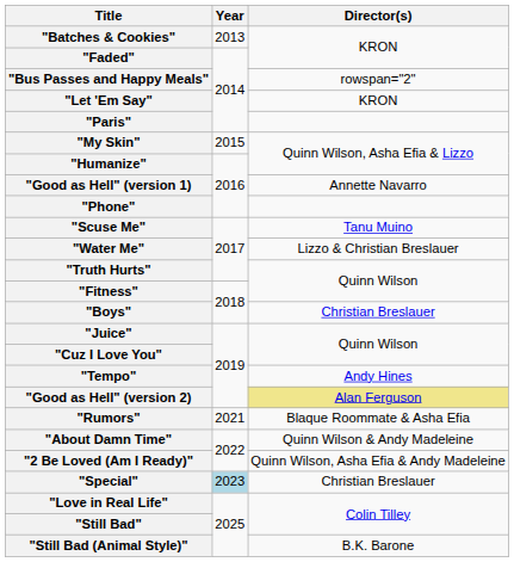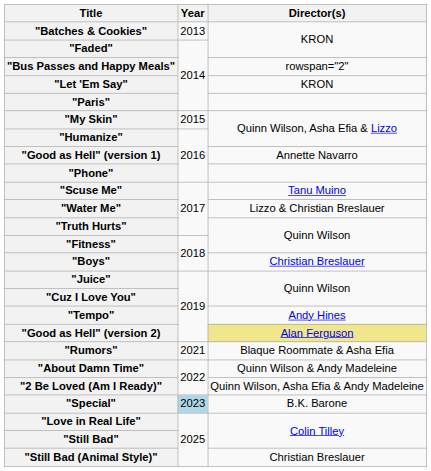 <table class="wikitable plainrowheaders" style="text-align:center;">
 <tr>
 <th scope="col">Title</th>
 <th scope="col">Year</th>
 <th scope="col">Director(s)</th>
 </tr>
 <tr>
 <th scope="row">"Batches & Cookies"<br></th>
 <td>2013</td>
 <td rowspan="2">KRON</td>
 </tr>
 <tr>
 <th scope="row">"Faded"</th>
 <td rowspan="4">2014</td>
 </tr>
 <tr>
 <th scope="row">"Bus Passes and Happy Meals"</th>
 <td>rowspan="2" </td>
 </tr>
 <tr>
 <th scope="row">"Let 'Em Say"<br></th>
 <td>KRON</td>
 </tr>
 <tr>
 <th scope="row">"Paris"</th>
 <td></td>
 </tr>
 <tr>
 <th scope="row">"My Skin"</th>
 <td>2015</td>
 <td rowspan="2">Quinn Wilson, Asha Efia & <a href='#'>Lizzo</a></td>
 </tr>
 <tr>
 <th scope="row">"Humanize"</th>
 <td rowspan="3">2016</td>
 </tr>
 <tr>
 <th scope="row">"Good as Hell" (version 1)</th>
 <td>Annette Navarro</td>
 </tr>
 <tr>
 <th scope="row">"Phone"</th>
 </tr>
 <tr>
 <th scope="row">"Scuse Me"</th>
 <td rowspan="3">2017</td>
 <td><a href='#'>Tanu Muino</a></td>
 </tr>
 <tr>
 <th scope="row">"Water Me"</th>
 <td>Lizzo & Christian Breslauer</td>
 </tr>
 <tr>
 <th scope="row">"Truth Hurts"</th>
 <td rowspan="2">Quinn Wilson</td>
 </tr>
 <tr>
 <th scope="row">"Fitness"</th>
 <td rowspan="2">2018</td>
 </tr>
 <tr>
 <th scope="row">"Boys"</th>
 <td><a href='#'>Christian Breslauer</a></td>
 </tr>
 <tr>
 <th scope="row">"Juice"</th>
 <td rowspan="4">2019</td>
 <td rowspan="2">Quinn Wilson</td>
 </tr>
 <tr>
 <th scope="row">"Cuz I Love You"</th>
 </tr>
 <tr>
 <th scope="row">"Tempo"<br></th>
 <td><a href='#'>Andy Hines</a></td>
 </tr>
 <tr>
 <th scope="row">"Good as Hell" (version 2)</th>
 <td style="background: khaki;"><a href='#'>Alan Ferguson</a></td>
 </tr>
 <tr>
 <th scope="row">"Rumors"<br></th>
 <td>2021</td>
 <td>Blaque Roommate & Asha Efia</td>
 </tr>
 <tr>
 <th scope="row">"About Damn Time"</th>
 <td rowspan="2">2022</td>
 <td>Quinn Wilson & Andy Madeleine</td>
 </tr>
 <tr>
 <th scope="row">"2 Be Loved (Am I Ready)"</th>
 <td>Quinn Wilson, Asha Efia & Andy Madeleine</td>
 </tr>
 <tr>
 <th scope="row">"Special"</th>
 <td style="background: lightblue;">2023</td>
-<td>Christian Breslauer</td>
+<td>B.K. Barone</td>
 </tr>
 <tr>
 <th scope="row">"Love in Real Life"</th>
 <td rowspan="3">2025</td>
 <td rowspan="2"><a href='#'>Colin Tilley</a></td>
 </tr>
 <tr>
 <th scope="row">"Still Bad"</th>
 </tr>
 <tr>
 <th scope="row">"Still Bad (Animal Style)"</th>
-<td>B.K. Barone</td>
+<td>Christian Breslauer</td>
 </tr>
 </table>
